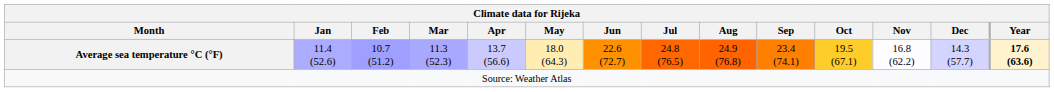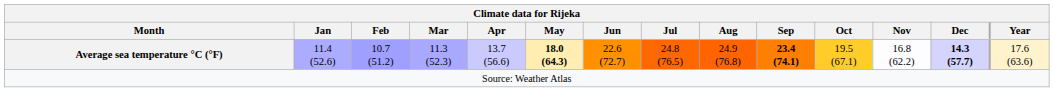 <table style="width:100%;text-align:center;line-height:1.2em;margin-left:auto;margin-right:auto" class="wikitable mw-collapsible">
 <tr>
 <th Colspan=14>Climate data for Rijeka</th>
 </tr>
 <tr>
 <th>Month</th>
 <th>Jan</th>
 <th>Feb</th>
 <th>Mar</th>
 <th>Apr</th>
 <th>May</th>
 <th>Jun</th>
 <th>Jul</th>
 <th>Aug</th>
 <th>Sep</th>
 <th>Oct</th>
 <th>Nov</th>
 <th>Dec</th>
 <th style="border-left-width:medium">Year</th>
 </tr>
 <tr>
 <th>Average sea temperature °C (°F)</th>
 <td style="background:#ABABFF;color:#000000;">11.4<br>(52.6)</td>
 <td style="background:#9F9FFF;color:#000000;">10.7<br>(51.2)</td>
 <td style="background:#A8A8FF;color:#000000;">11.3<br>(52.3)</td>
 <td style="background:#CACAFF;color:#000000;">13.7<br>(56.6)</td>
-<td style="background:#FFEDB2;color:#000000;">18.0<br>(64.3)</td>
+<td style="background:#FFEDB2;color:#000000;"><strong>18.0<br>(64.3)</strong></td>
 <td style="background:#FF9100;color:#000000;">22.6<br>(72.7)</td>
 <td style="background:#FF6700;color:#000000;">24.8<br>(76.5)</td>
 <td style="background:#FF6400;color:#000000;">24.9<br>(76.8)</td>
-<td style="background:#FF7F00;color:#000000;">23.4<br>(74.1)</td>
+<td style="background:#FF7F00;color:#000000;"><strong>23.4<br>(74.1)</strong></td>
 <td style="background:#FFCD2A;color:#000000;">19.5<br>(67.1)</td>
 <td style="background:#FDFDFF;color:#000000;">16.8<br>(62.2)</td>
-<td style="background:#D4D4FF;color:#000000;">14.3<br>(57.7)</td>
-<td style="background:#FFF3CE;color:#000000;border-left-width:medium"><strong>17.6<br>(63.6)</strong></td>
+<td style="background:#D4D4FF;color:#000000;"><strong>14.3<br>(57.7)</strong></td>
+<td style="background:#FFF3CE;color:#000000;border-left-width:medium">17.6<br>(63.6)</td>
 </tr>
 <tr>
 <th Colspan=14 style="background:#f8f9fa;font-weight:normal;font-size:95%;">Source: Weather Atlas</th>
 </tr>
 </table>
